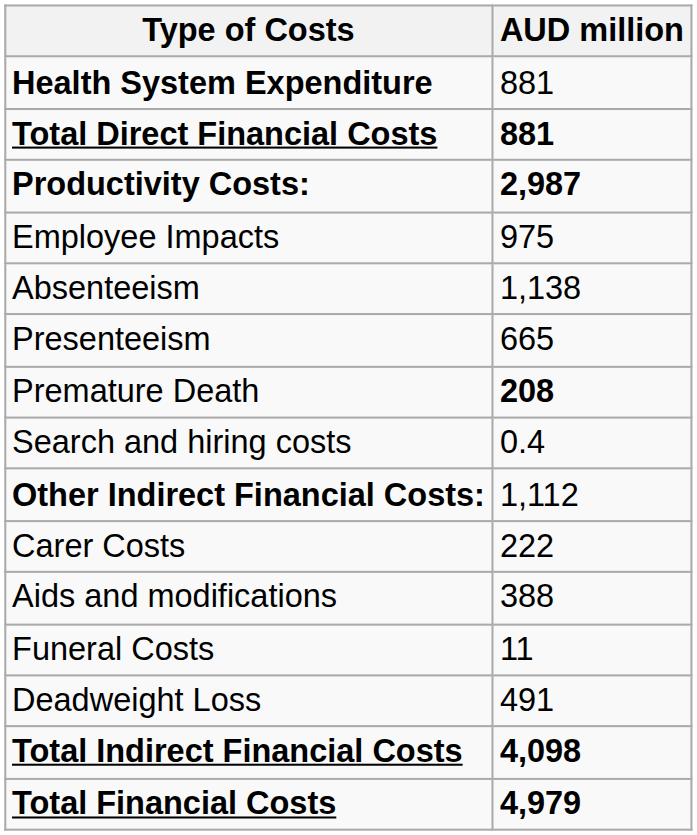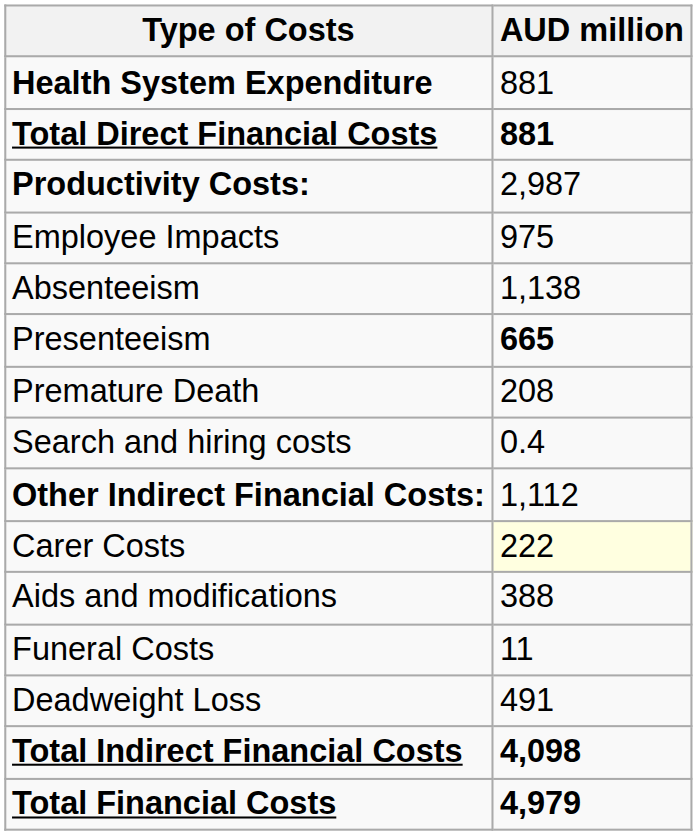 <table class="wikitable" style="float: right;">
 <tr>
 <th>Type of Costs</th>
 <th>AUD million</th>
 </tr>
 <tr>
 <td><strong>Health System Expenditure</strong></td>
 <td>881</td>
 </tr>
 <tr>
 <td><strong><u>Total Direct Financial Costs</u></strong></td>
 <td><strong>881</strong></td>
 </tr>
 <tr>
 <td><strong>Productivity Costs:</strong></td>
-<td><strong>2,987</strong></td>
+<td>2,987</td>
 </tr>
 <tr>
 <td>Employee Impacts</td>
 <td>975</td>
 </tr>
 <tr>
 <td>Absenteeism</td>
 <td>1,138</td>
 </tr>
 <tr>
 <td>Presenteeism</td>
-<td>665</td>
+<td><strong>665</strong></td>
 </tr>
 <tr>
 <td>Premature Death</td>
-<td><strong>208</strong></td>
+<td>208</td>
 </tr>
 <tr>
 <td>Search and hiring costs</td>
 <td>0.4</td>
 </tr>
 <tr>
 <td><strong>Other Indirect Financial Costs:</strong></td>
 <td>1,112</td>
 </tr>
 <tr>
 <td>Carer Costs</td>
-<td>222</td>
+<td style="background: lightyellow;">222</td>
 </tr>
 <tr>
 <td>Aids and modifications</td>
 <td>388</td>
 </tr>
 <tr>
 <td>Funeral Costs</td>
 <td>11</td>
 </tr>
 <tr>
 <td>Deadweight Loss</td>
 <td>491</td>
 </tr>
 <tr>
 <td><strong><u>Total Indirect Financial Costs</u></strong></td>
 <td><strong>4,098</strong></td>
 </tr>
 <tr>
 <td><strong><u>Total Financial Costs</u></strong></td>
 <td><strong>4,979</strong></td>
 </tr>
 </table>
